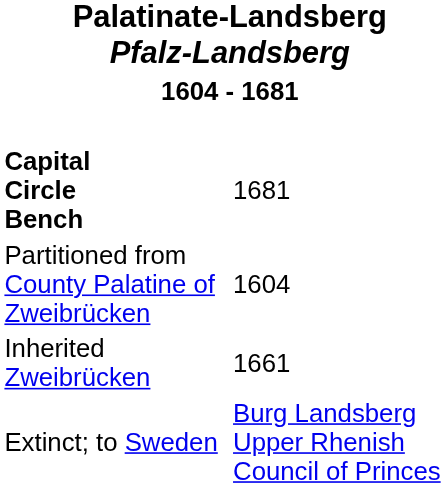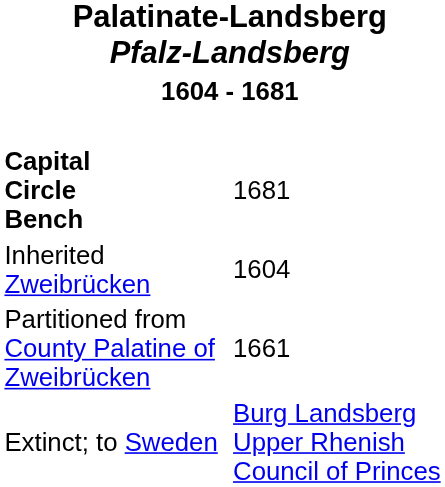 <table align="right" class="toccolours">
 <tr>
 <td colspan=2 align="center"><big><strong>Palatinate-Landsberg</strong><br><strong><em>Pfalz-Landsberg</em></strong></big></td>
 </tr>
 <tr>
 <td colspan=2 align="center"><strong>1604 - 1681</strong></td>
 </tr>
 <tr>
 <td><br></td>
 </tr>
 <tr>
 <td width=138px><strong>Capital<br>Circle<br>Bench</strong></td>
 <td>1681</td>
 </tr>
 <tr>
-<td>Partitioned from <a href='#'>County Palatine of Zweibrücken</a></td>
+<td>Inherited <a href='#'>Zweibrücken</a></td>
 <td>1604</td>
 </tr>
 <tr>
-<td>Inherited <a href='#'>Zweibrücken</a></td>
+<td>Partitioned from <a href='#'>County Palatine of Zweibrücken</a></td>
 <td>1661</td>
 </tr>
 <tr>
 <td>Extinct; to <a href='#'>Sweden</a></td>
 <td width=138px><a href='#'>Burg Landsberg</a><br><a href='#'>Upper Rhenish</a><br><a href='#'>Council of Princes</a></td>
 </tr>
 <tr>
 </tr>
 </table>
